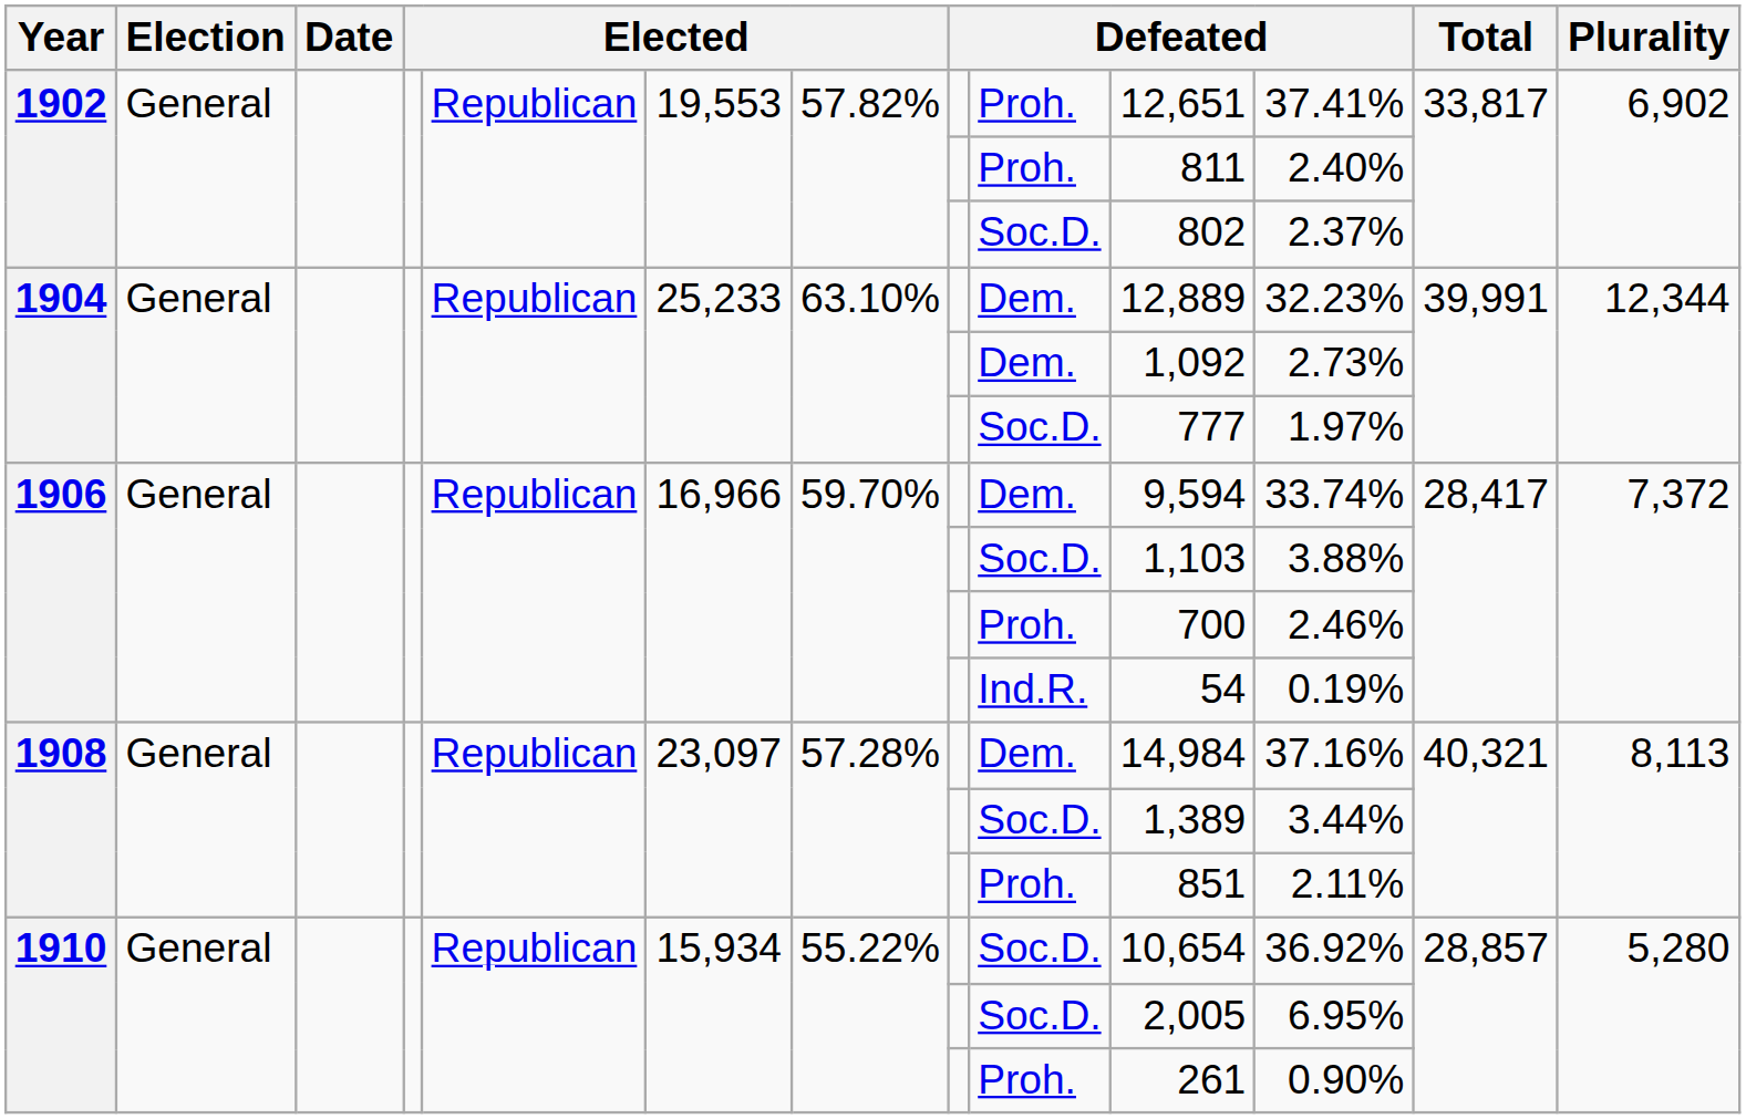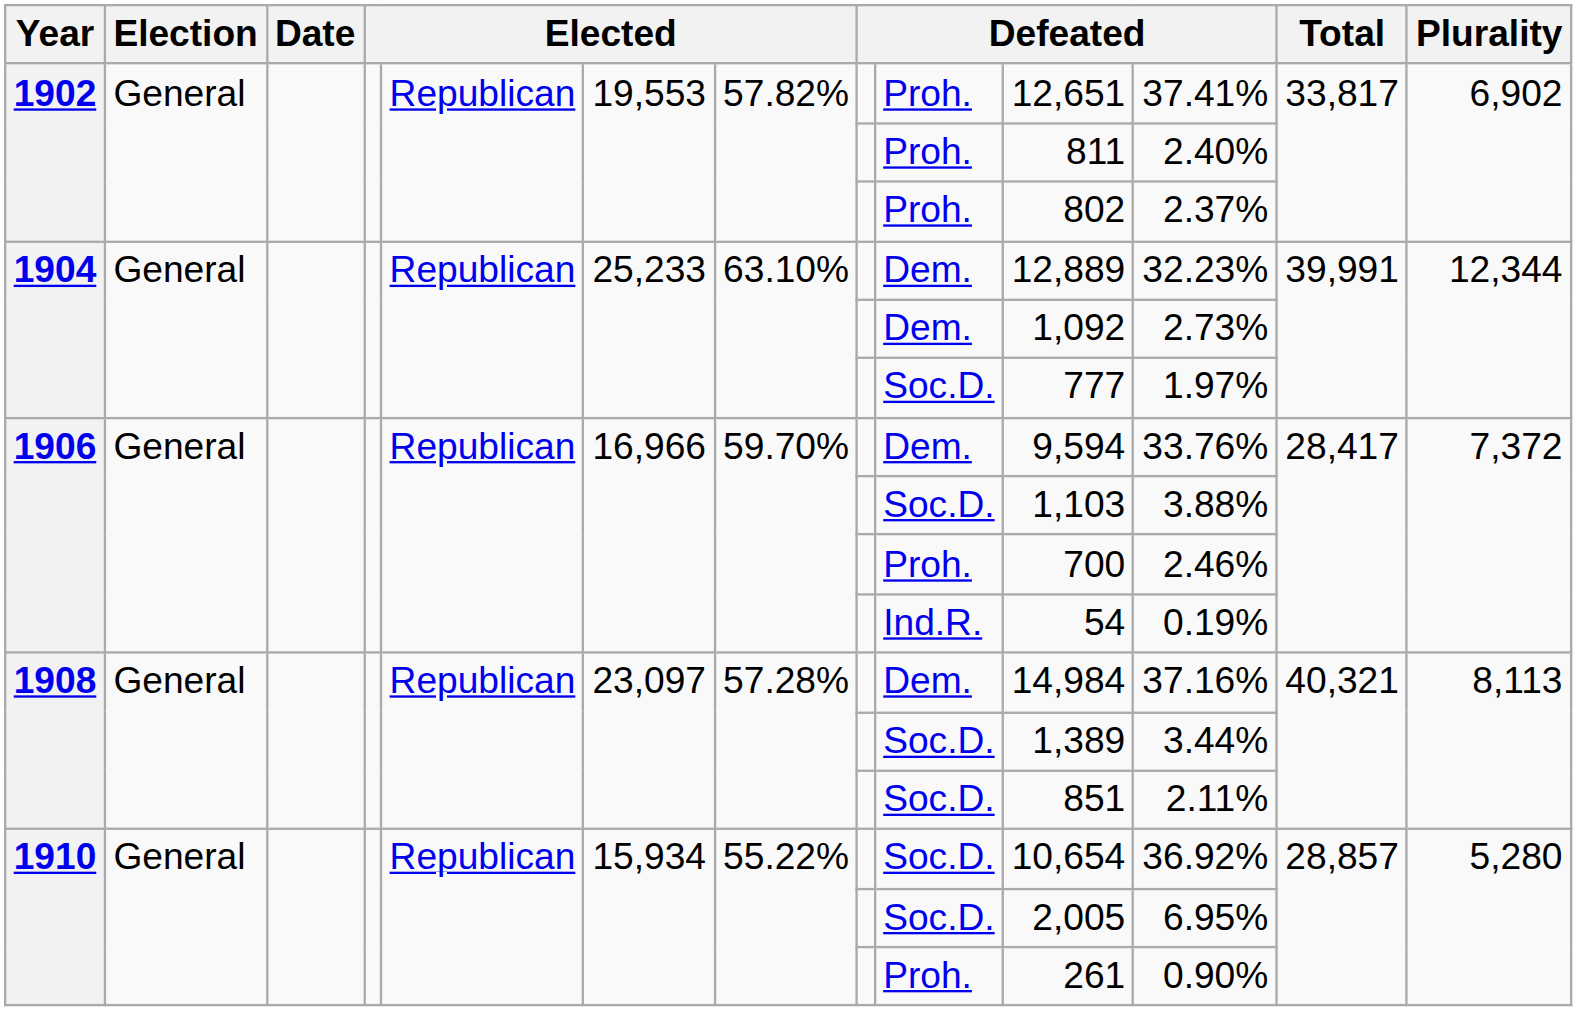 <table class=wikitable>
 <tr>
 <th>Year</th>
 <th>Election</th>
 <th>Date</th>
 <th ! colspan="4">Elected</th>
 <th ! colspan="4">Defeated</th>
 <th>Total</th>
 <th>Plurality</th>
 </tr>
 <tr>
 <th rowspan="3" valign="top"><a href='#'>1902</a></th>
 <td rowspan="3" valign="top">General</td>
 <td rowspan="3" valign="top"></td>
 <td rowspan="3" valign="top"></td>
 <td rowspan="3" valign="top" ><a href='#'>Republican</a></td>
 <td rowspan="3" valign="top" align="right">19,553</td>
 <td rowspan="3" valign="top" align="right">57.82%</td>
 <td valign="top"></td>
 <td><a href='#'>Proh.</a></td>
 <td valign="top" align="right">12,651</td>
 <td valign="top" align="right">37.41%</td>
 <td rowspan="3" valign="top" align="right">33,817</td>
 <td rowspan="3" valign="top" align="right">6,902</td>
 </tr>
 <tr>
 <td valign="top"></td>
 <td><a href='#'>Proh.</a></td>
 <td valign="top" align="right">811</td>
 <td valign="top" align="right">2.40%</td>
 </tr>
 <tr>
 <td valign="top"></td>
-<td><a href='#'>Soc.D.</a></td>
+<td><a href='#'>Proh.</a></td>
 <td valign="top" align="right">802</td>
 <td valign="top" align="right">2.37%</td>
 </tr>
 <tr>
 <th rowspan="3" valign="top"><a href='#'>1904</a></th>
 <td rowspan="3" valign="top">General</td>
 <td rowspan="3" valign="top"></td>
 <td rowspan="3" valign="top"></td>
 <td rowspan="3" valign="top" ><a href='#'>Republican</a></td>
 <td rowspan="3" valign="top" align="right">25,233</td>
 <td rowspan="3" valign="top" align="right">63.10%</td>
 <td valign="top"></td>
 <td><a href='#'>Dem.</a></td>
 <td valign="top" align="right">12,889</td>
 <td valign="top" align="right">32.23%</td>
 <td rowspan="3" valign="top" align="right">39,991</td>
 <td rowspan="3" valign="top" align="right">12,344</td>
 </tr>
 <tr>
 <td valign="top"></td>
 <td><a href='#'>Dem.</a></td>
 <td valign="top" align="right">1,092</td>
 <td valign="top" align="right">2.73%</td>
 </tr>
 <tr>
 <td valign="top"></td>
 <td><a href='#'>Soc.D.</a></td>
 <td valign="top" align="right">777</td>
 <td valign="top" align="right">1.97%</td>
 </tr>
 <tr>
 <th rowspan="4" valign="top"><a href='#'>1906</a></th>
 <td rowspan="4" valign="top">General</td>
 <td rowspan="4" valign="top"></td>
 <td rowspan="4" valign="top"></td>
 <td rowspan="4" valign="top" ><a href='#'>Republican</a></td>
 <td rowspan="4" valign="top" align="right">16,966</td>
 <td rowspan="4" valign="top" align="right">59.70%</td>
 <td valign="top"></td>
 <td><a href='#'>Dem.</a></td>
 <td valign="top" align="right">9,594</td>
-<td valign="top" align="right">33.74%</td>
+<td valign="top" align="right">33.76%</td>
 <td rowspan="4" valign="top" align="right">28,417</td>
 <td rowspan="4" valign="top" align="right">7,372</td>
 </tr>
 <tr>
 <td valign="top"></td>
 <td><a href='#'>Soc.D.</a></td>
 <td valign="top" align="right">1,103</td>
 <td valign="top" align="right">3.88%</td>
 </tr>
 <tr>
 <td valign="top"></td>
 <td><a href='#'>Proh.</a></td>
 <td valign="top" align="right">700</td>
 <td valign="top" align="right">2.46%</td>
 </tr>
 <tr>
 <td valign="top"></td>
 <td><a href='#'>Ind.R.</a></td>
 <td valign="top" align="right">54</td>
 <td valign="top" align="right">0.19%</td>
 </tr>
 <tr>
 <th rowspan="3" valign="top"><a href='#'>1908</a></th>
 <td rowspan="3" valign="top">General</td>
 <td rowspan="3" valign="top"></td>
 <td rowspan="3" valign="top"></td>
 <td rowspan="3" valign="top" ><a href='#'>Republican</a></td>
 <td rowspan="3" valign="top" align="right">23,097</td>
 <td rowspan="3" valign="top" align="right">57.28%</td>
 <td valign="top"></td>
 <td><a href='#'>Dem.</a></td>
 <td valign="top" align="right">14,984</td>
 <td valign="top" align="right">37.16%</td>
 <td rowspan="3" valign="top" align="right">40,321</td>
 <td rowspan="3" valign="top" align="right">8,113</td>
 </tr>
 <tr>
 <td valign="top"></td>
 <td><a href='#'>Soc.D.</a></td>
 <td valign="top" align="right">1,389</td>
 <td valign="top" align="right">3.44%</td>
 </tr>
 <tr>
 <td valign="top"></td>
-<td><a href='#'>Proh.</a></td>
+<td><a href='#'>Soc.D.</a></td>
 <td valign="top" align="right">851</td>
 <td valign="top" align="right">2.11%</td>
 </tr>
 <tr>
 <th rowspan="3" valign="top"><a href='#'>1910</a></th>
 <td rowspan="3" valign="top">General</td>
 <td rowspan="3" valign="top"></td>
 <td rowspan="3" valign="top"></td>
 <td rowspan="3" valign="top" ><a href='#'>Republican</a></td>
 <td rowspan="3" valign="top" align="right">15,934</td>
 <td rowspan="3" valign="top" align="right">55.22%</td>
 <td valign="top"></td>
 <td><a href='#'>Soc.D.</a></td>
 <td valign="top" align="right">10,654</td>
 <td valign="top" align="right">36.92%</td>
 <td rowspan="3" valign="top" align="right">28,857</td>
 <td rowspan="3" valign="top" align="right">5,280</td>
 </tr>
 <tr>
 <td valign="top"></td>
 <td><a href='#'>Soc.D.</a></td>
 <td valign="top" align="right">2,005</td>
 <td valign="top" align="right">6.95%</td>
 </tr>
 <tr>
 <td valign="top"></td>
 <td><a href='#'>Proh.</a></td>
 <td valign="top" align="right">261</td>
 <td valign="top" align="right">0.90%</td>
 </tr>
 </table>
